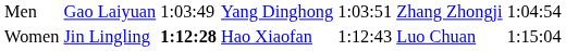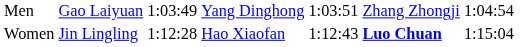 <table>
 <tr>
 <td>Men</td>
 <td><a href='#'>Gao Laiyuan</a></td>
 <td>1:03:49</td>
 <td><a href='#'>Yang Dinghong</a></td>
 <td>1:03:51</td>
 <td><a href='#'>Zhang Zhongji</a></td>
 <td>1:04:54</td>
 </tr>
 <tr>
 <td>Women</td>
 <td><a href='#'>Jin Lingling</a></td>
-<td><strong>1:12:28</strong></td>
+<td>1:12:28</td>
 <td><a href='#'>Hao Xiaofan</a></td>
 <td>1:12:43</td>
-<td><a href='#'>Luo Chuan</a></td>
+<td><strong><a href='#'>Luo Chuan</a></strong></td>
 <td>1:15:04</td>
 </tr>
 </table>
